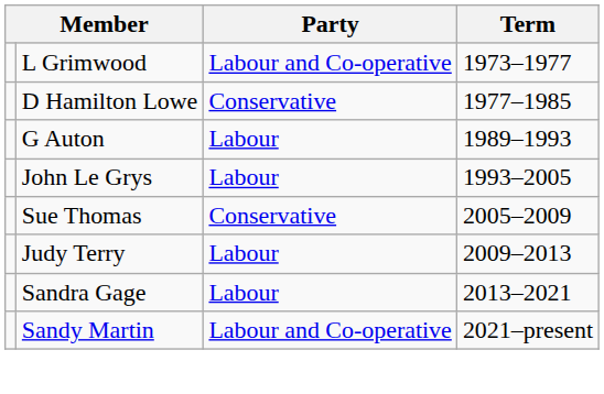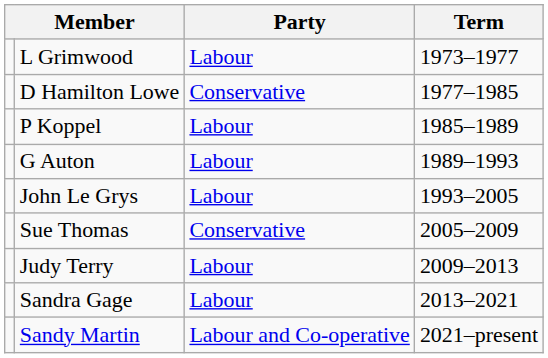 <table class="wikitable">
 <tr>
 <th colspan="2">Member</th>
 <th>Party</th>
 <th>Term</th>
 </tr>
 <tr>
 <td style="background-color: "></td>
 <td>L Grimwood</td>
-<td><a href='#'>Labour and Co-operative</a></td>
+<td><a href='#'>Labour</a></td>
 <td>1973–1977</td>
 </tr>
 <tr>
 <td style="background-color: "></td>
 <td>D Hamilton Lowe</td>
 <td><a href='#'>Conservative</a></td>
 <td>1977–1985</td>
+</tr>
+<tr>
+<td style="background-color: "></td>
+<td>P Koppel</td>
+<td><a href='#'>Labour</a></td>
+<td>1985–1989</td>
 </tr>
 <tr>
 <td style="background-color: "></td>
 <td>G Auton</td>
 <td><a href='#'>Labour</a></td>
 <td>1989–1993</td>
 </tr>
 <tr>
 <td style="background-color: "></td>
 <td>John Le Grys</td>
 <td><a href='#'>Labour</a></td>
 <td>1993–2005</td>
 </tr>
 <tr>
 <td style="background-color: "></td>
 <td>Sue Thomas</td>
 <td><a href='#'>Conservative</a></td>
 <td>2005–2009</td>
 </tr>
 <tr>
 <td style="background-color: "></td>
 <td>Judy Terry</td>
 <td><a href='#'>Labour</a></td>
 <td>2009–2013</td>
 </tr>
 <tr>
 <td style="background-color: "></td>
 <td>Sandra Gage</td>
 <td><a href='#'>Labour</a></td>
 <td>2013–2021</td>
 </tr>
 <tr>
 <td style="background-color: "></td>
 <td><a href='#'>Sandy Martin</a></td>
 <td><a href='#'>Labour and Co-operative</a></td>
 <td>2021–present</td>
 </tr>
 </table>
